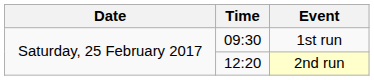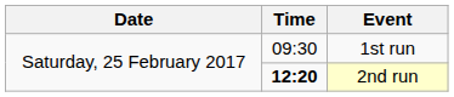 <table class = "wikitable" style="text-align:center;">
 <tr>
 <th width=220>Date</th>
 <th width=50>Time</th>
 <th width=100>Event</th>
 </tr>
 <tr>
 <td rowspan=2>Saturday, 25 February 2017</td>
 <td>09:30</td>
 <td>1st run</td>
 </tr>
 <tr>
-<td>12:20</td>
+<td><strong>12:20</strong></td>
 <td bgcolor=ffffcc>2nd run</td>
 </tr>
 </table>
